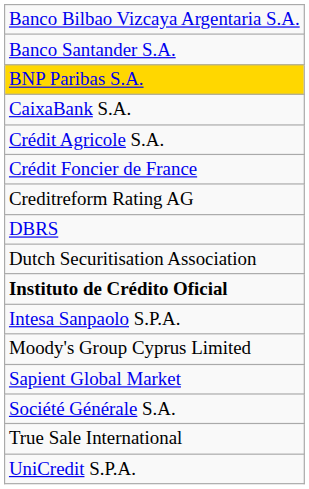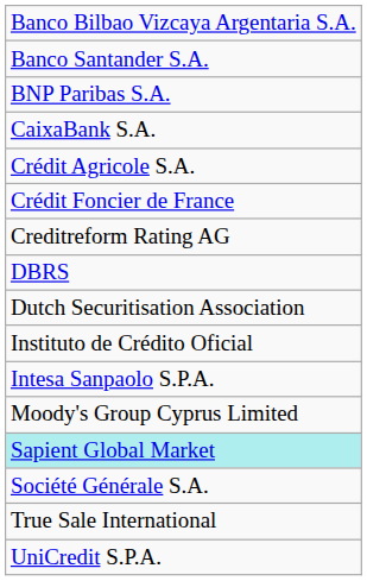 <table class="wikitable">
 <tr>
 <td><a href='#'>Banco Bilbao Vizcaya Argentaria S.A.</a></td>
 </tr>
 <tr>
 <td><a href='#'>Banco Santander S.A.</a></td>
 </tr>
 <tr>
-<td style="background: gold;"><a href='#'>BNP Paribas S.A.</a></td>
+<td><a href='#'>BNP Paribas S.A.</a></td>
 </tr>
 <tr>
 <td><a href='#'>CaixaBank</a> S.A.</td>
 </tr>
 <tr>
 <td><a href='#'>Crédit Agricole</a> S.A.</td>
 </tr>
 <tr>
 <td><a href='#'>Crédit Foncier de France</a></td>
 </tr>
 <tr>
 <td>Creditreform Rating AG</td>
 </tr>
 <tr>
 <td><a href='#'>DBRS</a></td>
 </tr>
 <tr>
 <td>Dutch Securitisation Association</td>
 </tr>
 <tr>
-<td><strong>Instituto de Crédito Oficial</strong></td>
+<td>Instituto de Crédito Oficial</td>
 </tr>
 <tr>
 <td><a href='#'>Intesa Sanpaolo</a> S.P.A.</td>
 </tr>
 <tr>
 <td>Moody's Group Cyprus Limited</td>
 </tr>
 <tr>
-<td><a href='#'>Sapient Global Market</a></td>
+<td style="background: paleturquoise;"><a href='#'>Sapient Global Market</a></td>
 </tr>
 <tr>
 <td><a href='#'>Société Générale</a> S.A.</td>
 </tr>
 <tr>
 <td>True Sale International</td>
 </tr>
 <tr>
 <td><a href='#'>UniCredit</a> S.P.A.</td>
 </tr>
 </table>
